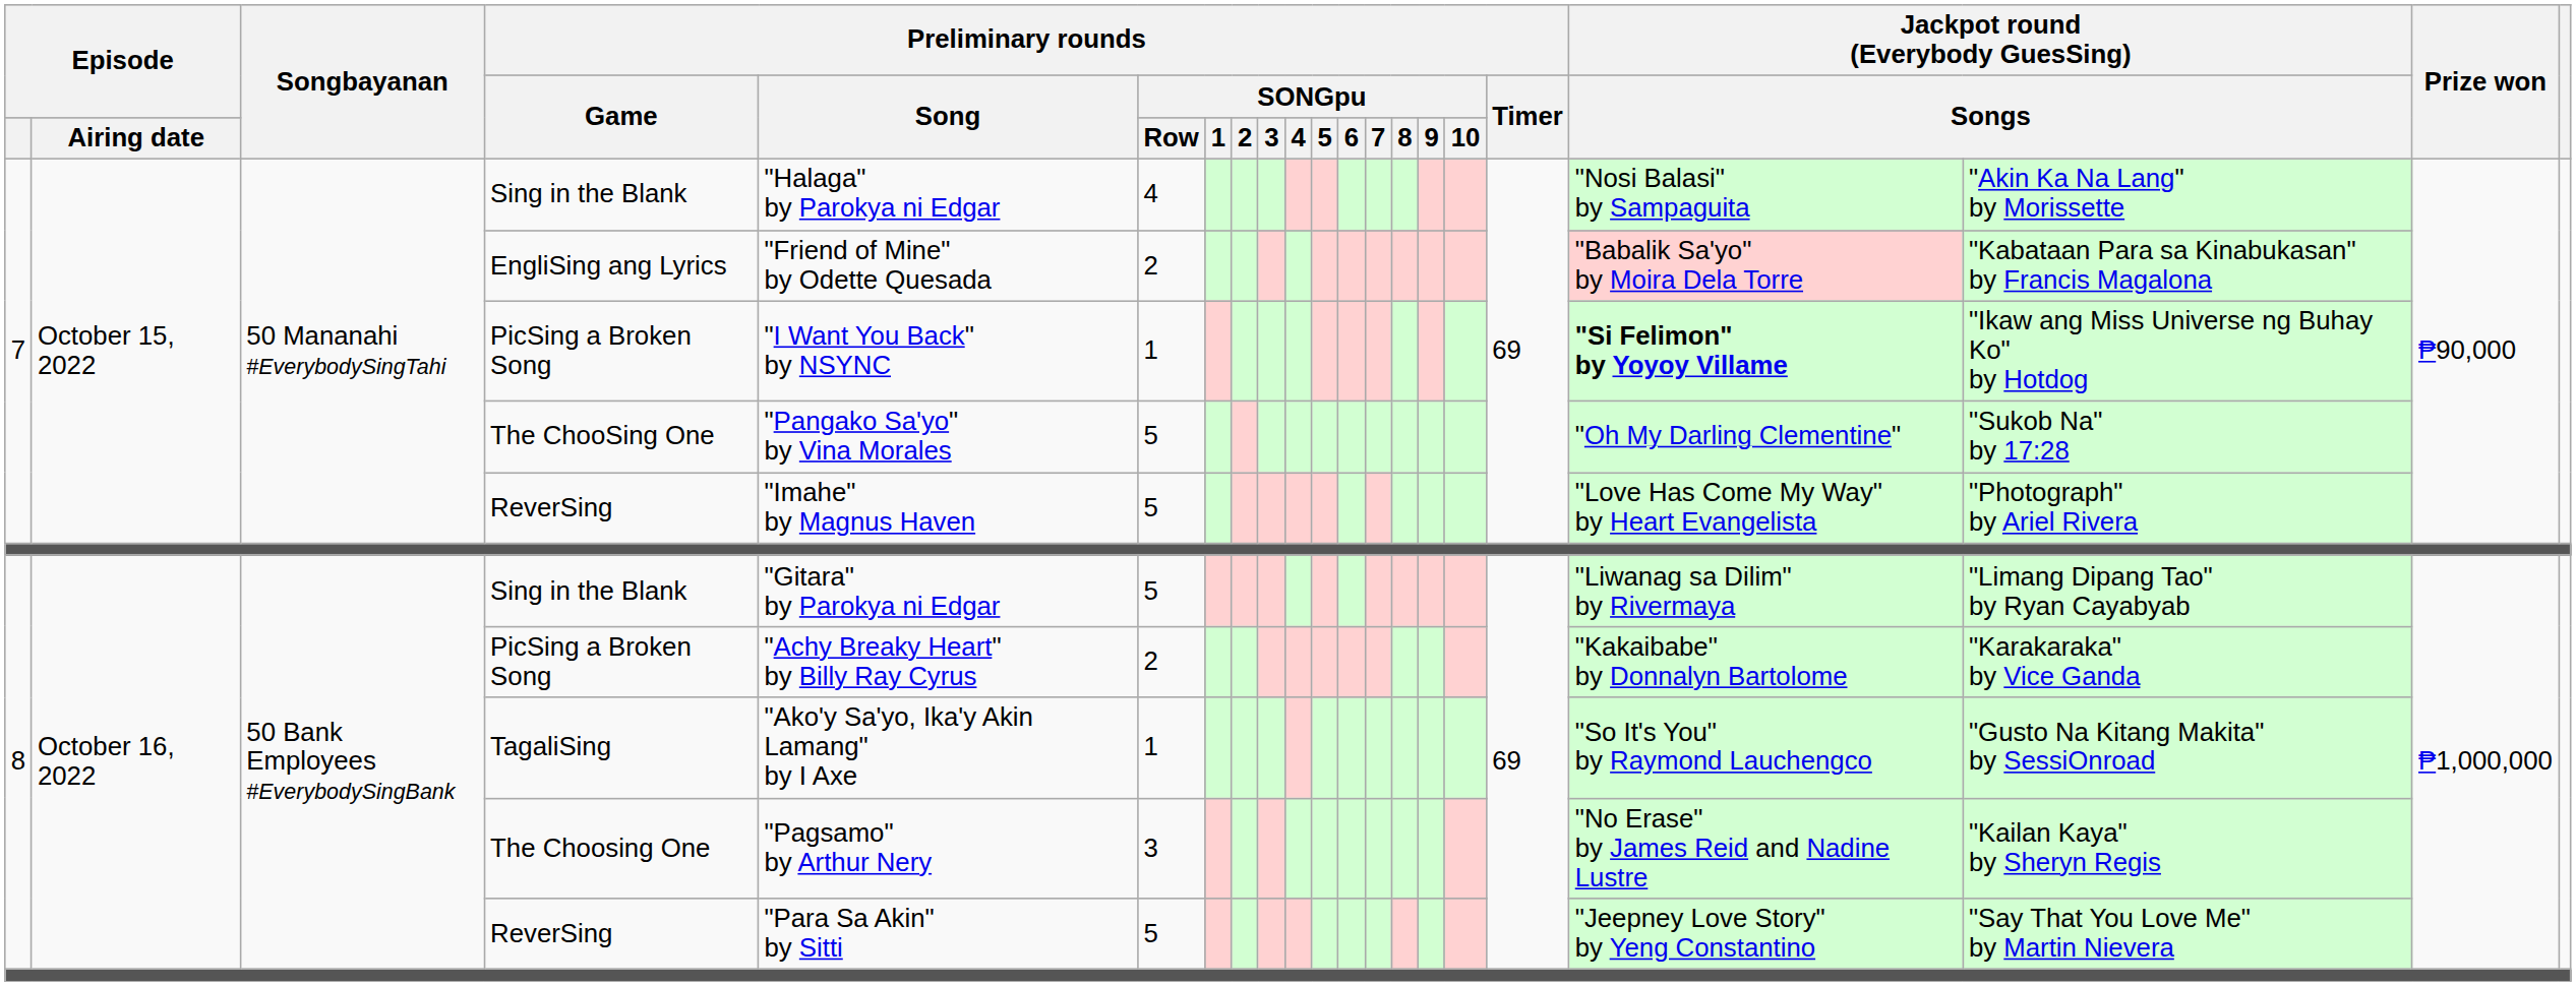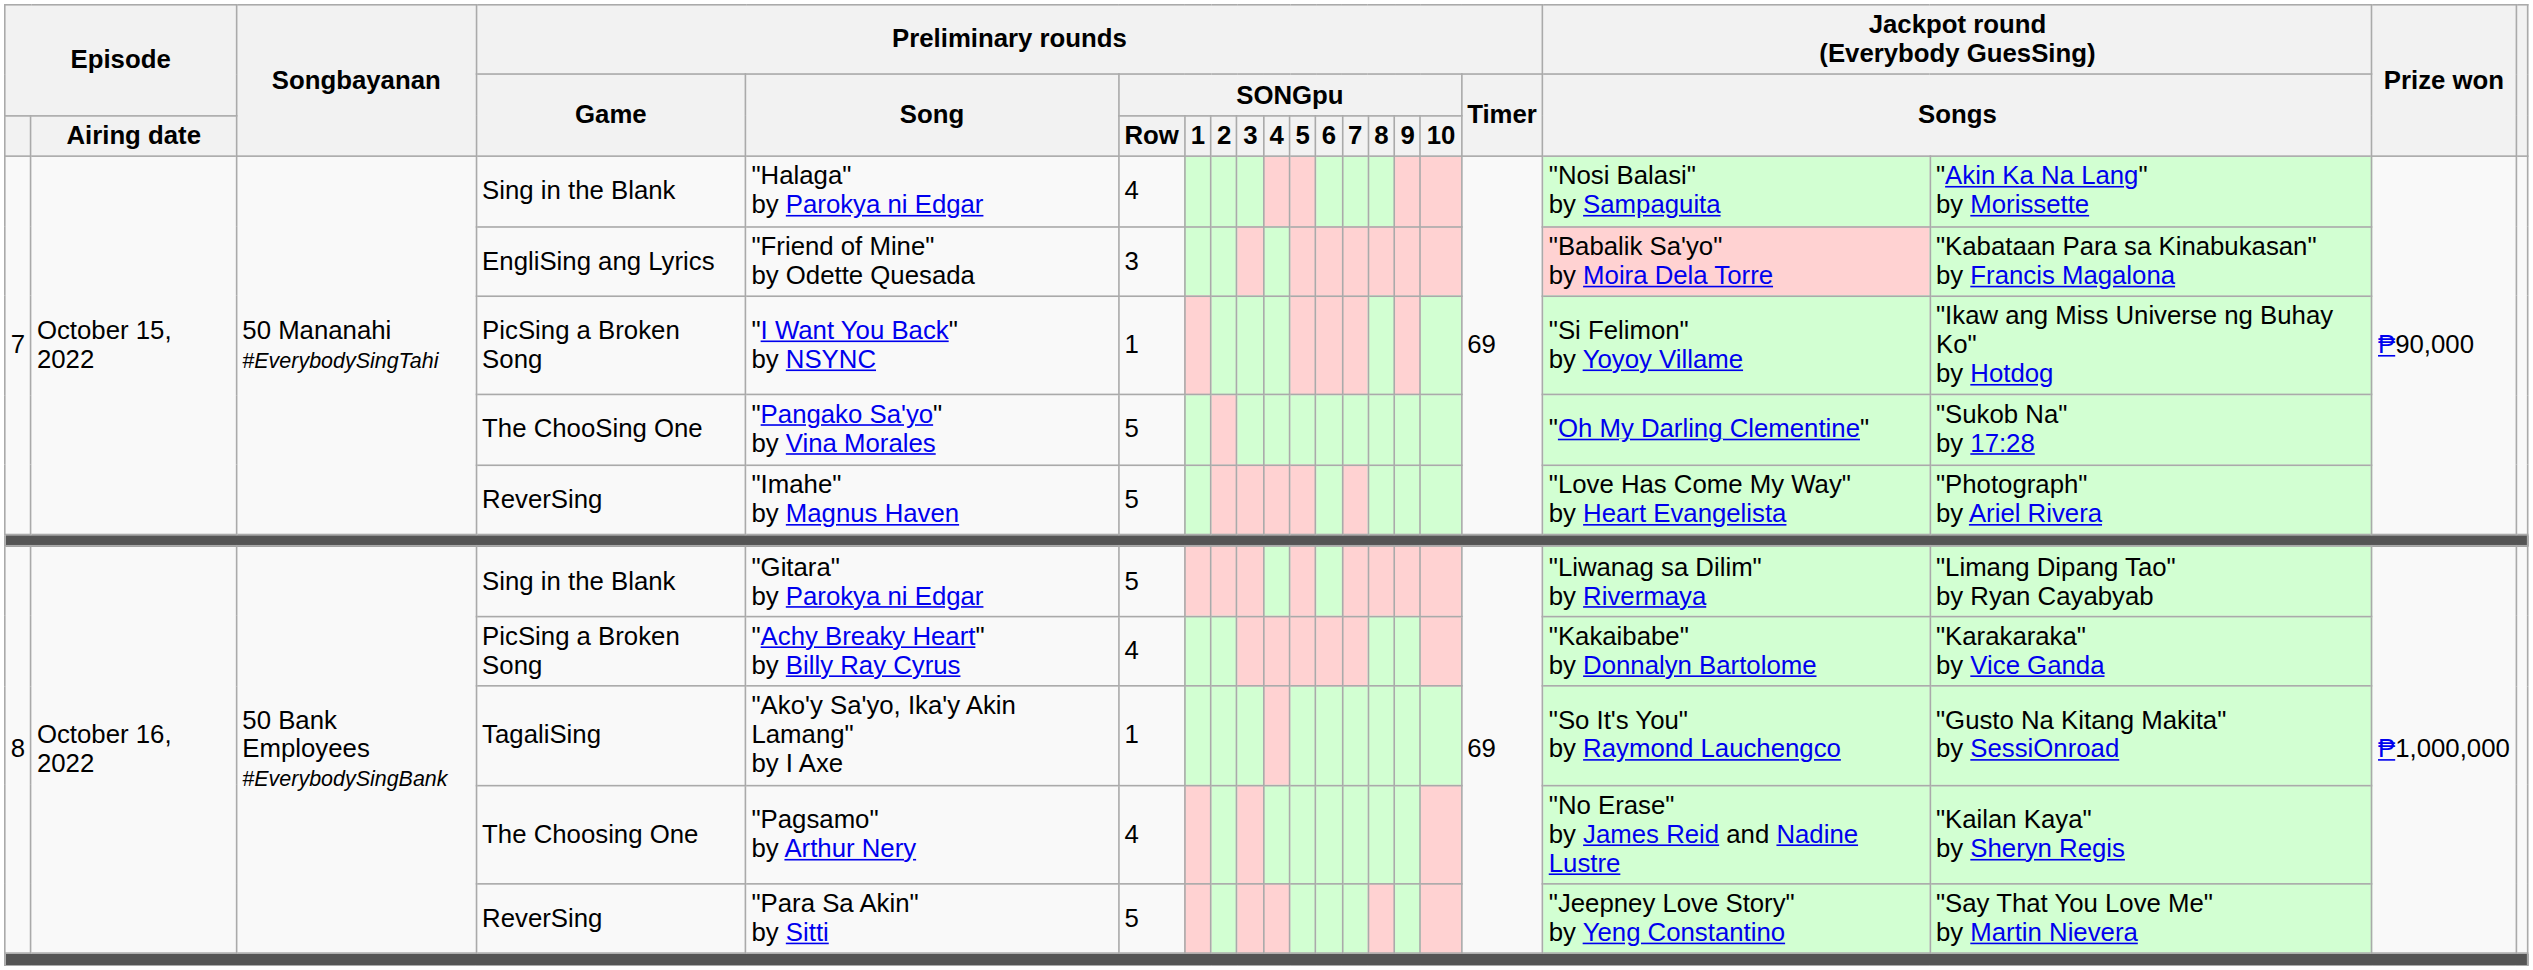 <table class="wikitable plainrowheaders mw-collapsible ">
 <tr>
 <th colspan="2" rowspan="2">Episode</th>
 <th rowspan="3">Songbayanan</th>
 <th colspan="14">Preliminary rounds</th>
 <th colspan="2">Jackpot round<br>(Everybody GuesSing)</th>
 <th rowspan="3">Prize won</th>
 <th rowspan="3"></th>
 </tr>
 <tr>
 <th rowspan="2">Game</th>
 <th rowspan="2">Song</th>
 <th colspan="11">SONGpu</th>
 <th rowspan="2">Timer</th>
 <th colspan="2" rowspan="2">Songs</th>
 </tr>
 <tr>
 <th></th>
 <th>Airing date</th>
 <th>Row</th>
 <th>1</th>
 <th>2</th>
 <th>3</th>
 <th>4</th>
 <th>5</th>
 <th>6</th>
 <th>7</th>
 <th>8</th>
 <th>9</th>
 <th>10</th>
 </tr>
 <tr>
 <td rowspan="5">7</td>
 <td rowspan="5">October 15, 2022</td>
 <td rowspan="5">50 Mananahi<br><small><em>#EverybodySingTahi</em></small></td>
 <td>Sing in the Blank</td>
 <td>"Halaga"<br>by <a href='#'>Parokya ni Edgar</a></td>
 <td>4</td>
 <td style="background:#D2FFD2"></td>
 <td style="background:#D2FFD2"></td>
 <td style="background:#D2FFD2"></td>
 <td style="background:#FFD2D2"></td>
 <td style="background:#FFD2D2"></td>
 <td style="background:#D2FFD2"></td>
 <td style="background:#D2FFD2"></td>
 <td style="background:#D2FFD2"></td>
 <td style="background:#FFD2D2"></td>
 <td style="background:#FFD2D2"></td>
 <td rowspan="5">69 </td>
 <td style="background:#D2FFD2">"Nosi Balasi"<br>by <a href='#'>Sampaguita</a></td>
 <td style="background:#D2FFD2">"<a href='#'>Akin Ka Na Lang</a>"<br>by <a href='#'>Morissette</a></td>
 <td rowspan="5"><a href='#'>₱</a>90,000</td>
 <td rowspan="5"></td>
 </tr>
 <tr>
 <td>EngliSing ang Lyrics</td>
 <td>"Friend of Mine"<br>by Odette Quesada</td>
-<td>2</td>
+<td>3</td>
 <td style="background:#D2FFD2"></td>
 <td style="background:#D2FFD2"></td>
 <td style="background:#FFD2D2"></td>
 <td style="background:#D2FFD2"></td>
 <td style="background:#FFD2D2"></td>
 <td style="background:#FFD2D2"></td>
 <td style="background:#FFD2D2"></td>
 <td style="background:#FFD2D2"></td>
 <td style="background:#FFD2D2"></td>
 <td style="background:#FFD2D2"></td>
 <td style="background:#FFD2D2">"Babalik Sa'yo"<br>by <a href='#'>Moira Dela Torre</a></td>
 <td style="background:#D2FFD2">"Kabataan Para sa Kinabukasan"<br>by <a href='#'>Francis Magalona</a></td>
 </tr>
 <tr>
 <td>PicSing a Broken Song</td>
 <td>"<a href='#'>I Want You Back</a>"<br>by <a href='#'>NSYNC</a></td>
 <td>1</td>
 <td style="background:#FFD2D2"></td>
 <td style="background:#D2FFD2"></td>
 <td style="background:#D2FFD2"></td>
 <td style="background:#D2FFD2"></td>
 <td style="background:#FFD2D2"></td>
 <td style="background:#FFD2D2"></td>
 <td style="background:#FFD2D2"></td>
 <td style="background:#D2FFD2"></td>
 <td style="background:#FFD2D2"></td>
 <td style="background:#D2FFD2"></td>
-<td style="background:#D2FFD2"><strong>"Si Felimon"<br>by <a href='#'>Yoyoy Villame</a></strong></td>
+<td style="background:#D2FFD2">"Si Felimon"<br>by <a href='#'>Yoyoy Villame</a></td>
 <td style="background:#D2FFD2">"Ikaw ang Miss Universe ng Buhay Ko"<br>by <a href='#'>Hotdog</a></td>
 </tr>
 <tr>
 <td>The ChooSing One</td>
 <td>"<a href='#'>Pangako Sa'yo</a>"<br>by <a href='#'>Vina Morales</a></td>
 <td>5</td>
 <td style="background:#D2FFD2"></td>
 <td style="background:#FFD2D2"></td>
 <td style="background:#D2FFD2"></td>
 <td style="background:#D2FFD2"></td>
 <td style="background:#D2FFD2"></td>
 <td style="background:#D2FFD2"></td>
 <td style="background:#D2FFD2"></td>
 <td style="background:#D2FFD2"></td>
 <td style="background:#D2FFD2"></td>
 <td style="background:#D2FFD2"></td>
 <td style="background:#D2FFD2">"<a href='#'>Oh My Darling Clementine</a>"</td>
 <td style="background:#D2FFD2">"Sukob Na"<br>by <a href='#'>17:28</a></td>
 </tr>
 <tr>
 <td>ReverSing</td>
 <td>"Imahe"<br>by <a href='#'>Magnus Haven</a></td>
 <td>5</td>
 <td style="background:#D2FFD2"></td>
 <td style="background:#FFD2D2"></td>
 <td style="background:#FFD2D2"></td>
 <td style="background:#FFD2D2"></td>
 <td style="background:#FFD2D2"></td>
 <td style="background:#D2FFD2"></td>
 <td style="background:#FFD2D2"></td>
 <td style="background:#D2FFD2"></td>
 <td style="background:#D2FFD2"></td>
 <td style="background:#D2FFD2"></td>
 <td style="background:#D2FFD2">"Love Has Come My Way"<br>by <a href='#'>Heart Evangelista</a></td>
 <td style="background:#D2FFD2">"Photograph"<br>by <a href='#'>Ariel Rivera</a></td>
 </tr>
 <tr>
 <th colspan="21" style="background:#555;"></th>
 </tr>
 <tr>
 <td rowspan="5">8</td>
 <td rowspan="5">October 16, 2022</td>
 <td rowspan="5">50 Bank Employees<br><small><em>#EverybodySingBank</em></small></td>
 <td>Sing in the Blank</td>
 <td>"Gitara"<br>by <a href='#'>Parokya ni Edgar</a></td>
 <td>5</td>
 <td style="background:#FFD2D2"></td>
 <td style="background:#FFD2D2"></td>
 <td style="background:#FFD2D2"></td>
 <td style="background:#D2FFD2"></td>
 <td style="background:#FFD2D2"></td>
 <td style="background:#D2FFD2"></td>
 <td style="background:#FFD2D2"></td>
 <td style="background:#FFD2D2"></td>
 <td style="background:#FFD2D2"></td>
 <td style="background:#FFD2D2"></td>
 <td rowspan="5">69 </td>
 <td style="background:#D2FFD2">"Liwanag sa Dilim"<br>by <a href='#'>Rivermaya</a></td>
 <td style="background:#D2FFD2">"Limang Dipang Tao"<br>by Ryan Cayabyab</td>
 <td rowspan="5"><a href='#'>₱</a>1,000,000</td>
 <td rowspan="5"></td>
 </tr>
 <tr>
 <td>PicSing a Broken Song</td>
 <td>"<a href='#'>Achy Breaky Heart</a>"<br>by <a href='#'>Billy Ray Cyrus</a></td>
-<td>2</td>
+<td>4</td>
 <td style="background:#D2FFD2"></td>
 <td style="background:#D2FFD2"></td>
 <td style="background:#FFD2D2"></td>
 <td style="background:#FFD2D2"></td>
 <td style="background:#FFD2D2"></td>
 <td style="background:#FFD2D2"></td>
 <td style="background:#FFD2D2"></td>
 <td style="background:#D2FFD2"></td>
 <td style="background:#D2FFD2"></td>
 <td style="background:#FFD2D2"></td>
 <td style="background:#D2FFD2">"Kakaibabe"<br>by <a href='#'>Donnalyn Bartolome</a></td>
 <td style="background:#D2FFD2">"Karakaraka"<br>by <a href='#'>Vice Ganda</a></td>
 </tr>
 <tr>
 <td>TagaliSing</td>
 <td>"Ako'y Sa'yo, Ika'y Akin Lamang"<br>by I Axe</td>
 <td>1</td>
 <td style="background:#D2FFD2"></td>
 <td style="background:#D2FFD2"></td>
 <td style="background:#D2FFD2"></td>
 <td style="background:#FFD2D2"></td>
 <td style="background:#D2FFD2"></td>
 <td style="background:#D2FFD2"></td>
 <td style="background:#D2FFD2"></td>
 <td style="background:#D2FFD2"></td>
 <td style="background:#D2FFD2"></td>
 <td style="background:#D2FFD2"></td>
 <td style="background:#D2FFD2">"So It's You"<br>by <a href='#'>Raymond Lauchengco</a></td>
 <td style="background:#D2FFD2">"Gusto Na Kitang Makita"<br>by <a href='#'>SessiOnroad</a></td>
 </tr>
 <tr>
 <td>The Choosing One</td>
 <td>"Pagsamo"<br>by <a href='#'>Arthur Nery</a></td>
-<td>3</td>
+<td>4</td>
 <td style="background:#FFD2D2"></td>
 <td style="background:#D2FFD2"></td>
 <td style="background:#FFD2D2"></td>
 <td style="background:#D2FFD2"></td>
 <td style="background:#D2FFD2"></td>
 <td style="background:#D2FFD2"></td>
 <td style="background:#D2FFD2"></td>
 <td style="background:#D2FFD2"></td>
 <td style="background:#D2FFD2"></td>
 <td style="background:#FFD2D2"></td>
 <td style="background:#D2FFD2">"No Erase"<br>by <a href='#'>James Reid</a> and <a href='#'>Nadine Lustre</a></td>
 <td style="background:#D2FFD2">"Kailan Kaya"<br>by <a href='#'>Sheryn Regis</a></td>
 </tr>
 <tr>
 <td>ReverSing</td>
 <td>"Para Sa Akin"<br>by <a href='#'>Sitti</a></td>
 <td>5</td>
 <td style="background:#FFD2D2"></td>
 <td style="background:#D2FFD2"></td>
 <td style="background:#FFD2D2"></td>
 <td style="background:#FFD2D2"></td>
 <td style="background:#D2FFD2"></td>
 <td style="background:#D2FFD2"></td>
 <td style="background:#D2FFD2"></td>
 <td style="background:#FFD2D2"></td>
 <td style="background:#D2FFD2"></td>
 <td style="background:#FFD2D2"></td>
 <td style="background:#D2FFD2">"Jeepney Love Story"<br>by <a href='#'>Yeng Constantino</a></td>
 <td style="background:#D2FFD2">"Say That You Love Me"<br>by <a href='#'>Martin Nievera</a></td>
 </tr>
 <tr>
 <th colspan="21" style="background:#555;"></th>
 </tr>
 <tr>
 </tr>
 </table>
